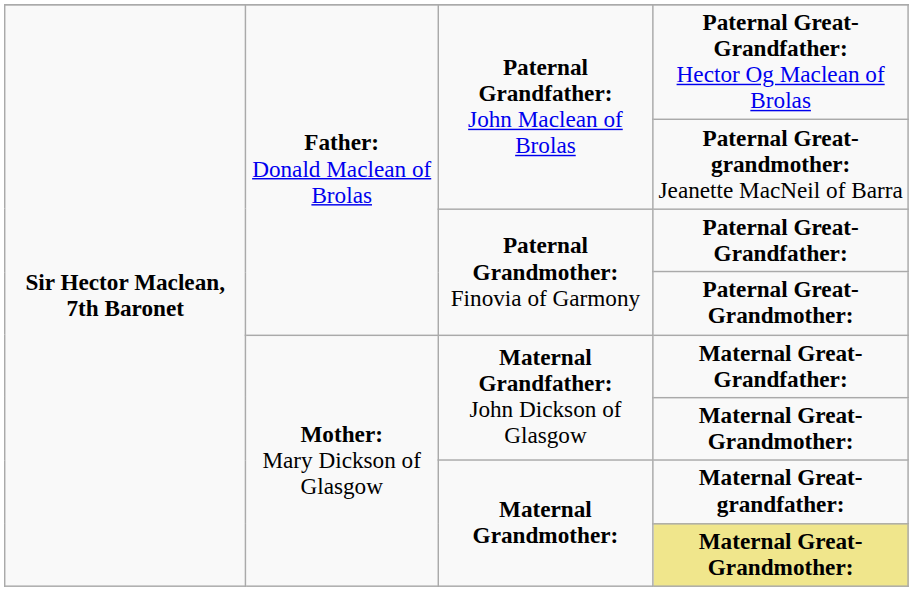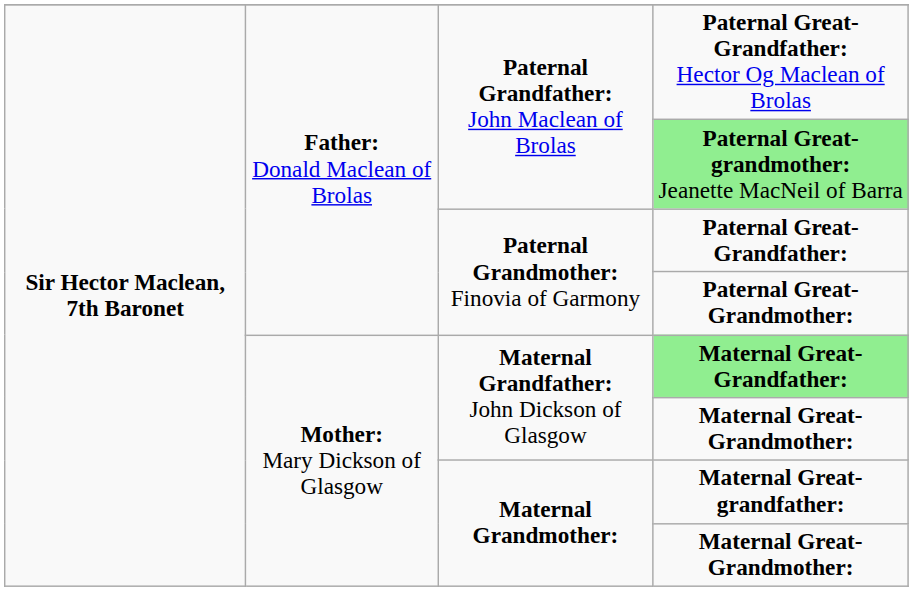 <table class="wikitable"  style="margin:1em auto;">
 <tr>
 </tr>
 <tr>
 <td rowspan="8" align="center"><strong>Sir Hector Maclean, 7th Baronet</strong></td>
 <td rowspan="4" align="center"><strong>Father:</strong><br><a href='#'>Donald Maclean of Brolas</a></td>
 <td rowspan="2" align="center"><strong>Paternal Grandfather:</strong><br><a href='#'>John Maclean of Brolas</a></td>
 <td align="center"><strong>Paternal Great-Grandfather:</strong><br><a href='#'>Hector Og Maclean of Brolas</a></td>
 </tr>
 <tr>
-<td align="center"><strong>Paternal Great-grandmother:</strong><br>Jeanette MacNeil of Barra</td>
+<td align="center" style="background: lightgreen;"><strong>Paternal Great-grandmother:</strong><br>Jeanette MacNeil of Barra</td>
 </tr>
 <tr>
 <td rowspan="2" align="center"><strong>Paternal Grandmother:</strong><br>Finovia of Garmony</td>
 <td align="center"><strong>Paternal Great-Grandfather:</strong><br></td>
 </tr>
 <tr>
 <td align="center"><strong>Paternal Great-Grandmother:</strong><br></td>
 </tr>
 <tr>
 <td rowspan="4" align="center"><strong>Mother:</strong><br>Mary Dickson of Glasgow</td>
 <td rowspan="2" align="center"><strong>Maternal Grandfather:</strong><br>John Dickson of Glasgow</td>
-<td align="center"><strong>Maternal Great-Grandfather:</strong><br></td>
+<td align="center" style="background: lightgreen;"><strong>Maternal Great-Grandfather:</strong><br></td>
 </tr>
 <tr>
 <td align="center"><strong>Maternal Great-Grandmother:</strong><br></td>
 </tr>
 <tr>
 <td rowspan="2" align="center"><strong>Maternal Grandmother:</strong><br></td>
 <td align="center"><strong>Maternal Great-grandfather:</strong><br></td>
 </tr>
 <tr>
-<td align="center" style="background: khaki;"><strong>Maternal Great-Grandmother:</strong><br></td>
+<td align="center"><strong>Maternal Great-Grandmother:</strong><br></td>
 </tr>
 </table>
